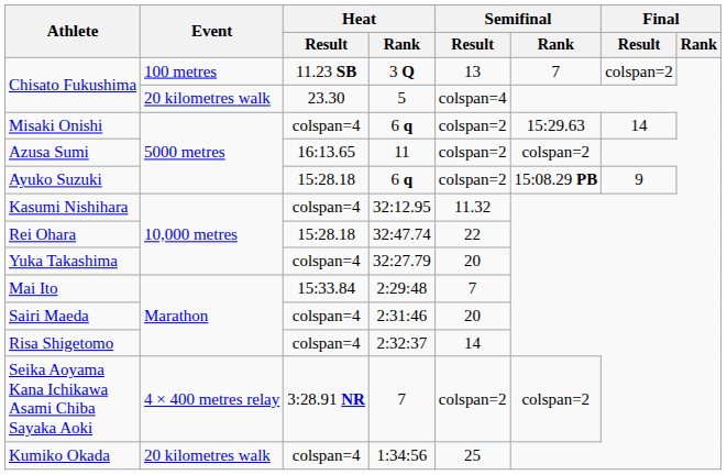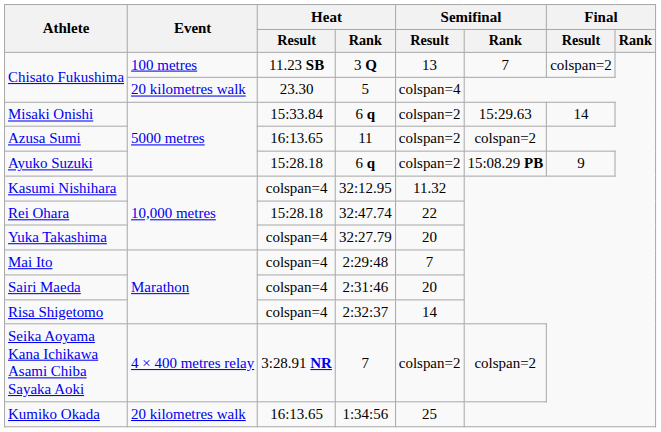 <table class="wikitable" style="font-size:90%">
 <tr>
 <th rowspan="2">Athlete</th>
 <th rowspan="2">Event</th>
 <th colspan="2">Heat</th>
 <th colspan="2">Semifinal</th>
 <th colspan="2">Final</th>
 </tr>
 <tr style="font-size:95%">
 <th>Result</th>
 <th>Rank</th>
 <th>Result</th>
 <th>Rank</th>
 <th>Result</th>
 <th>Rank</th>
 </tr>
 <tr style=text-align:center>
 <td style=text-align:left rowspan=2><a href='#'>Chisato Fukushima</a></td>
 <td style=text-align:left><a href='#'>100 metres</a></td>
 <td>11.23 <strong>SB</strong></td>
 <td>3 <strong>Q</strong></td>
 <td>13</td>
 <td>7</td>
 <td>colspan=2 </td>
 </tr>
 <tr style=text-align:center>
 <td style=text-align:left><a href='#'>20 kilometres walk</a></td>
 <td>23.30</td>
 <td>5</td>
 <td>colspan=4 </td>
 </tr>
 <tr style=text-align:center>
 <td style=text-align:left><a href='#'>Misaki Onishi</a></td>
 <td style=text-align:left rowspan=3><a href='#'>5000 metres</a></td>
-<td>colspan=4 </td>
+<td>15:33.84</td>
 <td>6 <strong>q</strong></td>
 <td>colspan=2 </td>
 <td>15:29.63</td>
 <td>14</td>
 </tr>
 <tr style=text-align:center>
 <td style=text-align:left><a href='#'>Azusa Sumi</a></td>
 <td>16:13.65</td>
 <td>11</td>
 <td>colspan=2 </td>
 <td>colspan=2 </td>
 </tr>
 <tr style=text-align:center>
 <td style=text-align:left><a href='#'>Ayuko Suzuki</a></td>
 <td>15:28.18</td>
 <td>6 <strong>q</strong></td>
 <td>colspan=2 </td>
 <td>15:08.29 <strong>PB</strong></td>
 <td>9</td>
 </tr>
 <tr style=text-align:center>
 <td style=text-align:left><a href='#'>Kasumi Nishihara</a></td>
 <td style=text-align:left rowspan=3><a href='#'>10,000 metres</a></td>
 <td>colspan=4 </td>
 <td>32:12.95</td>
 <td>11.32</td>
 </tr>
 <tr style=text-align:center>
 <td style=text-align:left><a href='#'>Rei Ohara</a></td>
 <td>15:28.18</td>
 <td>32:47.74</td>
 <td>22</td>
 </tr>
 <tr style=text-align:center>
 <td style=text-align:left><a href='#'>Yuka Takashima</a></td>
 <td>colspan=4 </td>
 <td>32:27.79</td>
 <td>20</td>
 </tr>
 <tr style=text-align:center>
 <td style=text-align:left><a href='#'>Mai Ito</a></td>
 <td style=text-align:left rowspan=3><a href='#'>Marathon</a></td>
-<td>15:33.84</td>
+<td>colspan=4 </td>
 <td>2:29:48</td>
 <td>7</td>
 </tr>
 <tr style=text-align:center>
 <td style=text-align:left><a href='#'>Sairi Maeda</a></td>
 <td>colspan=4 </td>
 <td>2:31:46</td>
 <td>20</td>
 </tr>
 <tr style=text-align:center>
 <td style=text-align:left><a href='#'>Risa Shigetomo</a></td>
 <td>colspan=4 </td>
 <td>2:32:37</td>
 <td>14</td>
 </tr>
 <tr style=text-align:center>
 <td style=text-align:left><a href='#'>Seika Aoyama</a><br><a href='#'>Kana Ichikawa</a><br><a href='#'>Asami Chiba</a><br><a href='#'>Sayaka Aoki</a></td>
 <td style=text-align:left><a href='#'>4 × 400 metres relay</a></td>
 <td>3:28.91 <strong><a href='#'>NR</a></strong></td>
 <td>7</td>
 <td>colspan=2 </td>
 <td>colspan=2 </td>
 </tr>
 <tr style=text-align:center>
 <td style=text-align:left><a href='#'>Kumiko Okada</a></td>
 <td style=text-align:left><a href='#'>20 kilometres walk</a></td>
-<td>colspan=4 </td>
+<td>16:13.65</td>
 <td>1:34:56</td>
 <td>25</td>
 </tr>
 </table>
